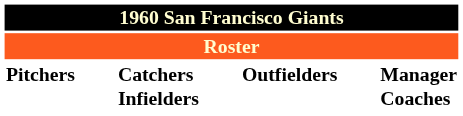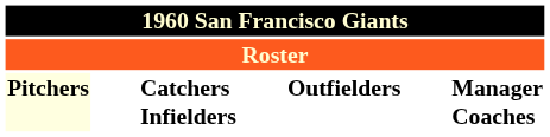 <table class="toccolours" style="font-size: 95%;">
 <tr>
 <th colspan="10" style="background-color: black; color: #FFFDD0; text-align: center;">1960 San Francisco Giants</th>
 </tr>
 <tr>
 <td colspan="10" style="background-color: #fd5a1e; color: #FFFDD0; text-align: center;"><strong>Roster</strong></td>
 </tr>
 <tr>
-<td valign="top"><strong>Pitchers</strong><br>              </td>
+<td valign="top" style="background: lightyellow;"><strong>Pitchers</strong><br>              </td>
 <td width="25px"></td>
 <td valign="top"><strong>Catchers</strong><br>   <strong>Infielders</strong>         </td>
 <td width="25px"></td>
 <td valign="top"><strong>Outfielders</strong><br>     </td>
 <td width="25px"></td>
 <td valign="top"><strong>Manager</strong><br>  <strong>Coaches</strong>   </td>
 </tr>
 <tr>
 </tr>
 </table>
